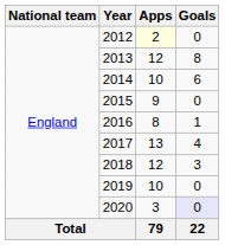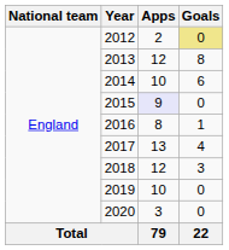 <table class="wikitable" style="text-align:center">
 <tr>
 <th>National team</th>
 <th>Year</th>
 <th>Apps</th>
 <th>Goals</th>
 </tr>
 <tr>
 <td rowspan="9"><a href='#'>England</a></td>
 <td>2012</td>
-<td style="background: lightyellow;">2</td>
-<td>0</td>
+<td>2</td>
+<td style="background: khaki;">0</td>
 </tr>
 <tr>
 <td>2013</td>
 <td>12</td>
 <td>8</td>
 </tr>
 <tr>
 <td>2014</td>
 <td>10</td>
 <td>6</td>
 </tr>
 <tr>
 <td>2015</td>
-<td>9</td>
+<td style="background: lavender;">9</td>
 <td>0</td>
 </tr>
 <tr>
 <td>2016</td>
 <td>8</td>
 <td>1</td>
 </tr>
 <tr>
 <td>2017</td>
 <td>13</td>
 <td>4</td>
 </tr>
 <tr>
 <td>2018</td>
 <td>12</td>
 <td>3</td>
 </tr>
 <tr>
 <td>2019</td>
 <td>10</td>
 <td>0</td>
 </tr>
 <tr>
 <td>2020</td>
 <td>3</td>
-<td style="background: lavender;">0</td>
+<td>0</td>
 </tr>
 <tr>
 <th colspan="2">Total</th>
 <th>79</th>
 <th>22</th>
 </tr>
 </table>
